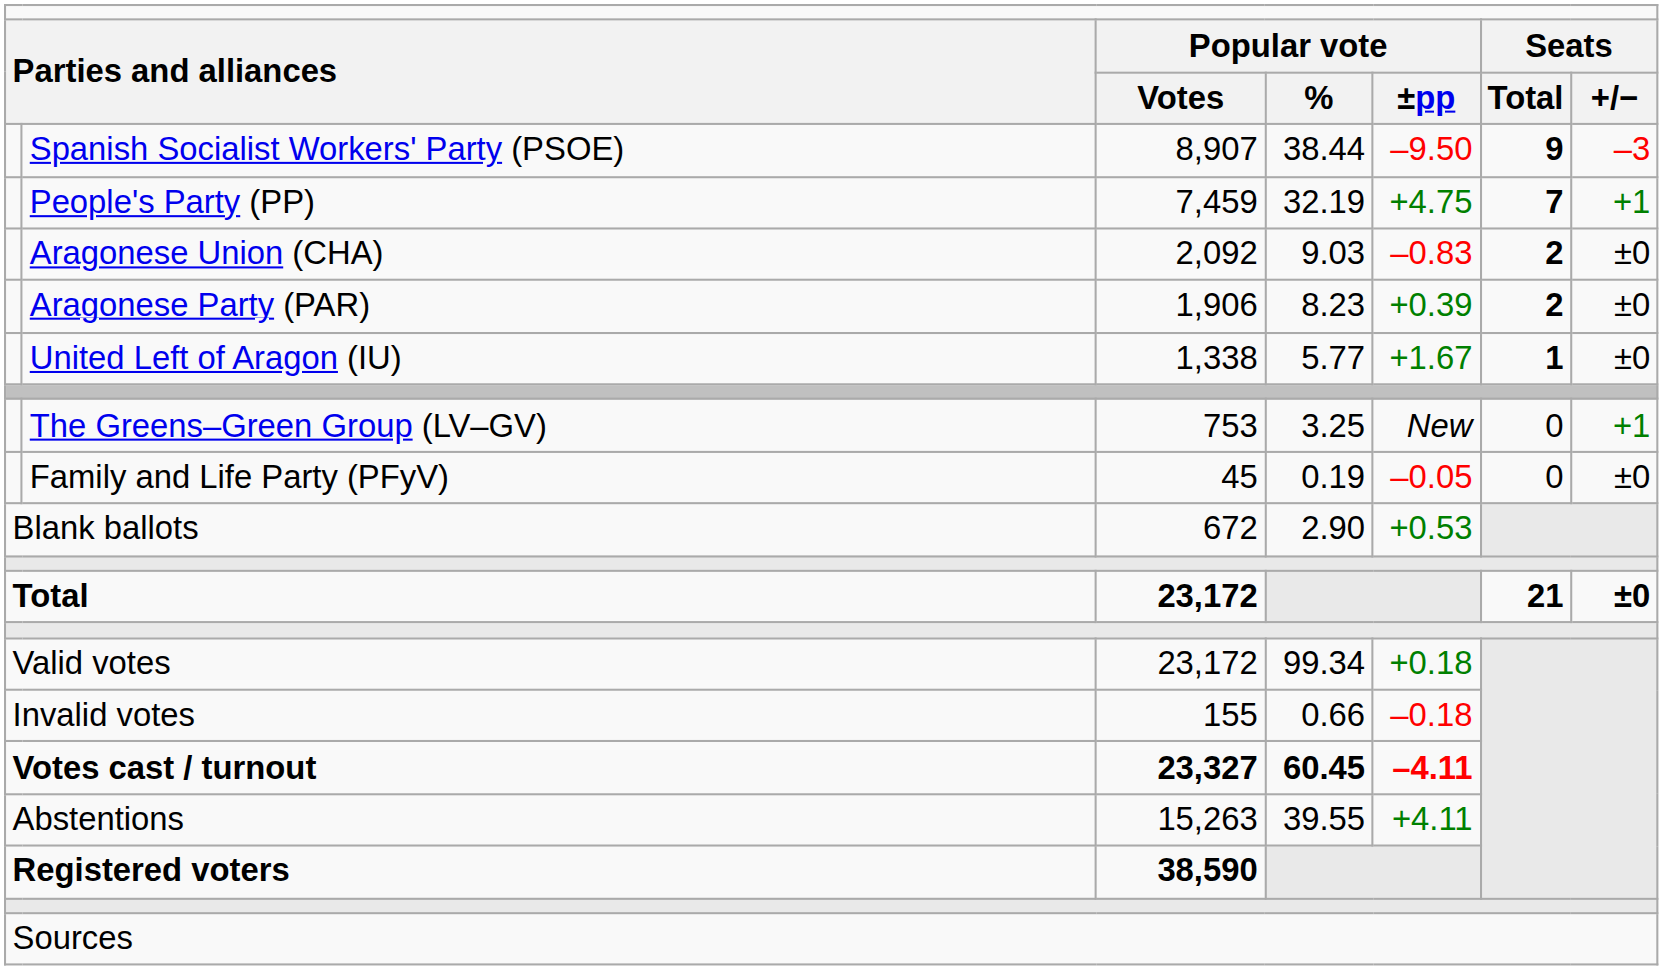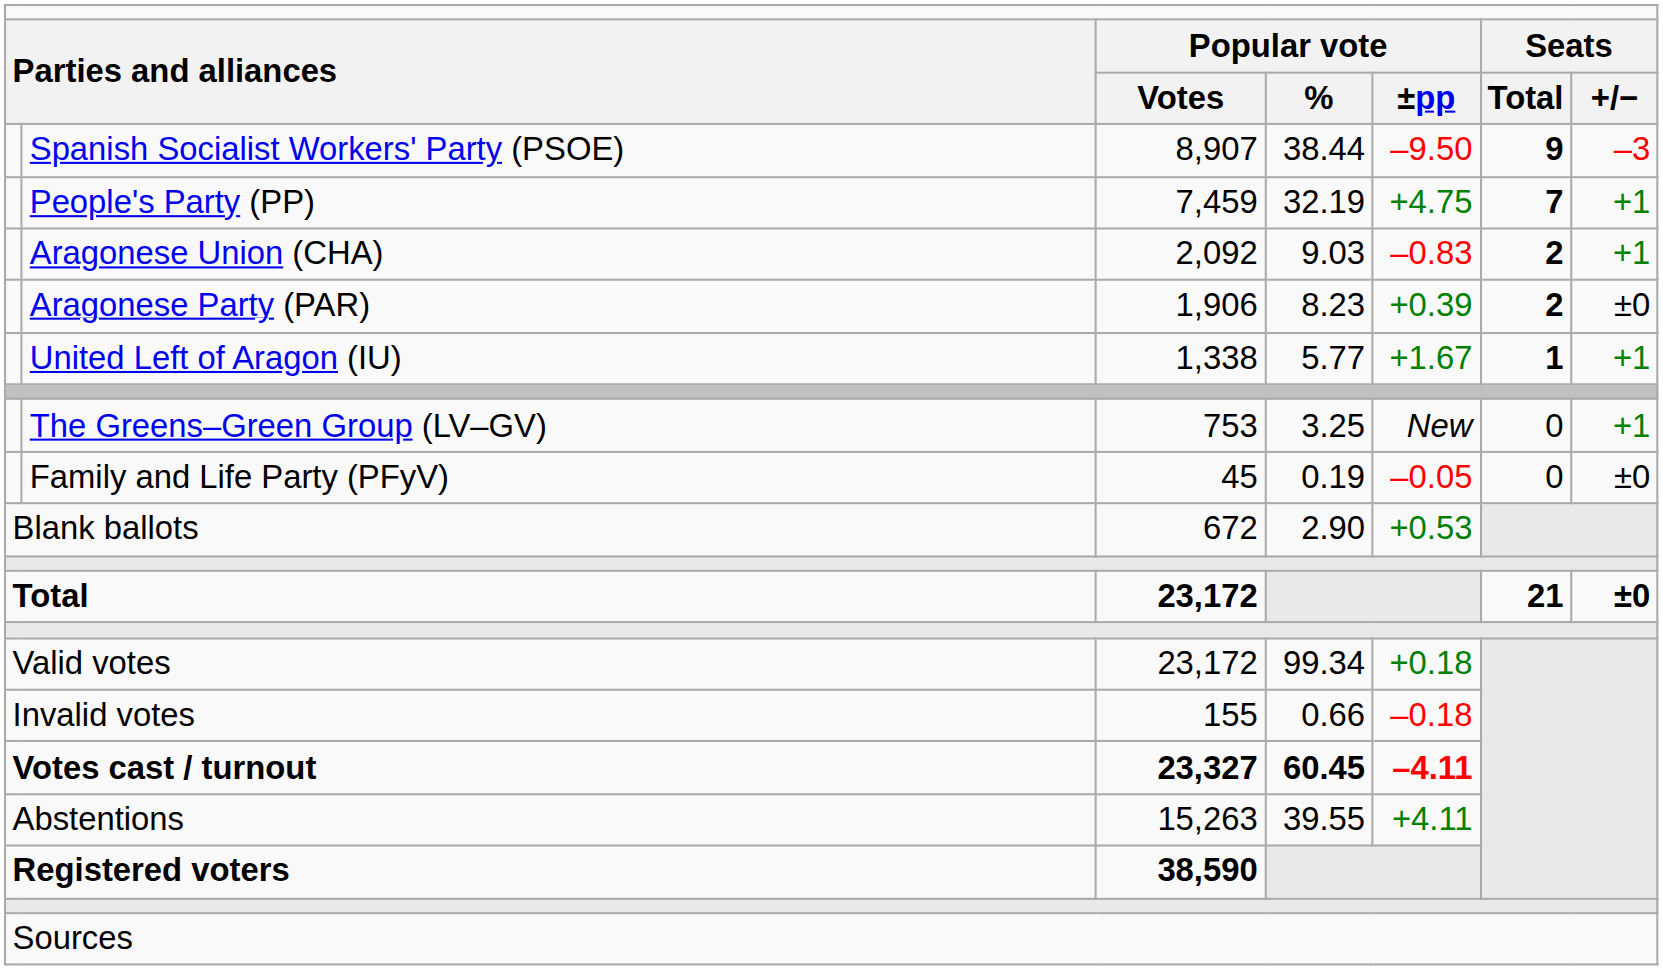 <table class="wikitable" style="text-align:right;">
 <tr>
 <td colspan="7"></td>
 </tr>
 <tr>
 <th style="text-align:left;" rowspan="2" colspan="2" width="525">Parties and alliances</th>
 <th colspan="3">Popular vote</th>
 <th colspan="2">Seats</th>
 </tr>
 <tr>
 <th width="75">Votes</th>
 <th width="45">%</th>
 <th width="45">±<a href='#'>pp</a></th>
 <th width="35">Total</th>
 <th width="35">+/−</th>
 </tr>
 <tr>
 <td width="1" style="color:inherit;background:"></td>
 <td align="left"><a href='#'>Spanish Socialist Workers' Party</a> (PSOE)</td>
 <td>8,907</td>
 <td>38.44</td>
 <td style="color:red;">–9.50</td>
 <td><strong>9</strong></td>
 <td style="color:red;">–3</td>
 </tr>
 <tr>
 <td style="color:inherit;background:"></td>
 <td align="left"><a href='#'>People's Party</a> (PP)</td>
 <td>7,459</td>
 <td>32.19</td>
 <td style="color:green;">+4.75</td>
 <td><strong>7</strong></td>
 <td style="color:green;">+1</td>
 </tr>
 <tr>
 <td style="color:inherit;background:"></td>
 <td align="left"><a href='#'>Aragonese Union</a> (CHA)</td>
 <td>2,092</td>
 <td>9.03</td>
 <td style="color:red;">–0.83</td>
 <td><strong>2</strong></td>
-<td>±0</td>
+<td style="color:green;">+1</td>
 </tr>
 <tr>
 <td style="color:inherit;background:"></td>
 <td align="left"><a href='#'>Aragonese Party</a> (PAR)</td>
 <td>1,906</td>
 <td>8.23</td>
 <td style="color:green;">+0.39</td>
 <td><strong>2</strong></td>
 <td>±0</td>
 </tr>
 <tr>
 <td style="color:inherit;background:"></td>
 <td align="left"><a href='#'>United Left of Aragon</a> (IU)</td>
 <td>1,338</td>
 <td>5.77</td>
 <td style="color:green;">+1.67</td>
 <td><strong>1</strong></td>
-<td>±0</td>
+<td style="color:green;">+1</td>
 </tr>
 <tr>
 <td colspan="7" bgcolor="#C0C0C0"></td>
 </tr>
 <tr>
 <td style="color:inherit;background:"></td>
 <td align="left"><a href='#'>The Greens–Green Group</a> (LV–GV)</td>
 <td>753</td>
 <td>3.25</td>
 <td><em>New</em></td>
 <td>0</td>
 <td style="color:green;">+1</td>
 </tr>
 <tr>
 <td style="color:inherit;background:"></td>
 <td align="left">Family and Life Party (PFyV)</td>
 <td>45</td>
 <td>0.19</td>
 <td style="color:red;">–0.05</td>
 <td>0</td>
 <td>±0</td>
 </tr>
 <tr>
 <td align="left" colspan="2">Blank ballots</td>
 <td>672</td>
 <td>2.90</td>
 <td style="color:green;">+0.53</td>
 <td bgcolor="#E9E9E9" colspan="2"></td>
 </tr>
 <tr>
 <td colspan="7" bgcolor="#E9E9E9"></td>
 </tr>
 <tr style="font-weight:bold;">
 <td align="left" colspan="2">Total</td>
 <td>23,172</td>
 <td bgcolor="#E9E9E9" colspan="2"></td>
 <td>21</td>
 <td>±0</td>
 </tr>
 <tr>
 <td colspan="7" bgcolor="#E9E9E9"></td>
 </tr>
 <tr>
 <td align="left" colspan="2">Valid votes</td>
 <td>23,172</td>
 <td>99.34</td>
 <td style="color:green;">+0.18</td>
 <td bgcolor="#E9E9E9" colspan="2" rowspan="5"></td>
 </tr>
 <tr>
 <td align="left" colspan="2">Invalid votes</td>
 <td>155</td>
 <td>0.66</td>
 <td style="color:red;">–0.18</td>
 </tr>
 <tr style="font-weight:bold;">
 <td align="left" colspan="2">Votes cast / turnout</td>
 <td>23,327</td>
 <td>60.45</td>
 <td style="color:red;">–4.11</td>
 </tr>
 <tr>
 <td align="left" colspan="2">Abstentions</td>
 <td>15,263</td>
 <td>39.55</td>
 <td style="color:green;">+4.11</td>
 </tr>
 <tr style="font-weight:bold;">
 <td align="left" colspan="2">Registered voters</td>
 <td>38,590</td>
 <td bgcolor="#E9E9E9" colspan="2"></td>
 </tr>
 <tr>
 <td colspan="7" bgcolor="#E9E9E9"></td>
 </tr>
 <tr>
 <td align="left" colspan="7">Sources</td>
 </tr>
 </table>
